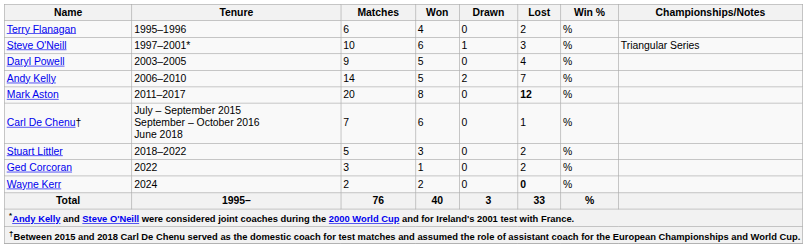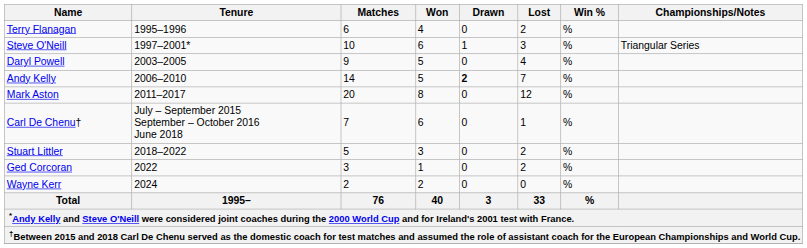 <table class="wikitable sortable style=text-align:center width:99%;">
 <tr>
 <th>Name</th>
 <th>Tenure</th>
 <th>Matches</th>
 <th>Won</th>
 <th>Drawn</th>
 <th>Lost</th>
 <th>Win %</th>
 <th>Championships/Notes</th>
 </tr>
 <tr>
 <td> <a href='#'>Terry Flanagan</a></td>
 <td>1995–1996</td>
 <td>6</td>
 <td>4</td>
 <td>0</td>
 <td>2</td>
 <td>%</td>
 <td></td>
 </tr>
 <tr>
 <td> <a href='#'>Steve O'Neill</a></td>
 <td>1997–2001*</td>
 <td>10</td>
 <td>6</td>
 <td>1</td>
 <td>3</td>
 <td>%</td>
 <td>Triangular Series</td>
 </tr>
 <tr>
 <td> <a href='#'>Daryl Powell</a></td>
 <td>2003–2005</td>
 <td>9</td>
 <td>5</td>
 <td>0</td>
 <td>4</td>
 <td>%</td>
 <td></td>
 </tr>
 <tr>
 <td> <a href='#'>Andy Kelly</a></td>
 <td>2006–2010</td>
 <td>14</td>
 <td>5</td>
-<td>2</td>
+<td><strong>2</strong></td>
 <td>7</td>
 <td>%</td>
 <td></td>
 </tr>
 <tr>
 <td> <a href='#'>Mark Aston</a></td>
 <td>2011–2017</td>
 <td>20</td>
 <td>8</td>
 <td>0</td>
-<td><strong>12</strong></td>
+<td>12</td>
 <td>%</td>
 <td></td>
 </tr>
 <tr>
 <td> <a href='#'>Carl De Chenu</a>†</td>
 <td>July – September 2015 <br> September – October 2016 <br> June 2018</td>
 <td>7</td>
 <td>6</td>
 <td>0</td>
 <td>1</td>
 <td>%</td>
 <td></td>
 </tr>
 <tr>
 <td> <a href='#'>Stuart Littler</a></td>
 <td>2018–2022</td>
 <td>5</td>
 <td>3</td>
 <td>0</td>
 <td>2</td>
 <td>%</td>
 <td></td>
 </tr>
 <tr>
 <td> <a href='#'>Ged Corcoran</a></td>
 <td>2022</td>
 <td>3</td>
 <td>1</td>
 <td>0</td>
 <td>2</td>
 <td>%</td>
 <td></td>
 </tr>
 <tr>
 <td> <a href='#'>Wayne Kerr</a></td>
 <td>2024</td>
 <td>2</td>
 <td>2</td>
 <td>0</td>
-<td><strong>0</strong></td>
+<td>0</td>
 <td>%</td>
 <td></td>
 </tr>
 <tr>
 <th>Total</th>
 <th>1995–</th>
 <th>76</th>
 <th>40</th>
 <th>3</th>
 <th>33</th>
 <th>%</th>
 <th></th>
 </tr>
 <tr>
 <th colspan="8" style="text-align: left;font-size:90%"> <sup>*</sup><a href='#'>Andy Kelly</a> and <a href='#'>Steve O'Neill</a> were considered joint coaches during the <a href='#'>2000 World Cup</a> and for Ireland's 2001 test with France.</th>
 </tr>
 <tr>
 <th colspan="8" style="text-align: left;font-size:90%"> <sup>†</sup>Between 2015 and 2018 Carl De Chenu served as the domestic coach for test matches and assumed the role of assistant coach for the European Championships and World Cup.</th>
 </tr>
 <tr>
 </tr>
 </table>
